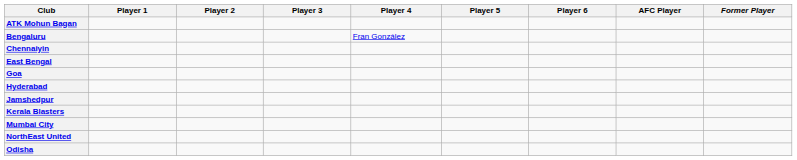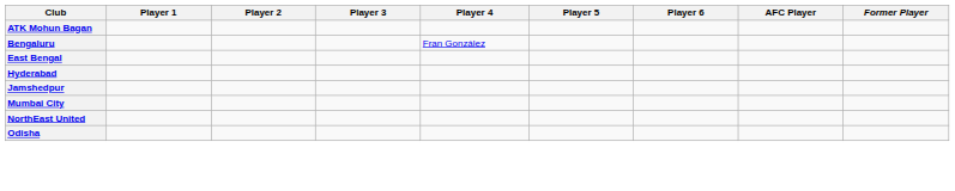 <table class="sortable wikitable" style="text-align: left; font-size:79%">
 <tr>
 <th scope=col style="width:150px;">Club</th>
 <th scope=col style="width:173px;">Player 1</th>
 <th scope=col style="width:173px;">Player 2</th>
 <th scope=col style="width:173px;">Player 3</th>
 <th scope=col style="width:173px;">Player 4</th>
 <th scope=col style="width:173px;">Player 5</th>
 <th scope=col style="width:173px;">Player 6</th>
 <th scope=col style="width:173px;">AFC Player</th>
 <th scope=col style="width:173px;"><em>Former Player</em></th>
 </tr>
 <tr>
 <th scope=row style="text-align: left;"><a href='#'>ATK Mohun Bagan</a></th>
 <td><strong> </strong></td>
 <td> </td>
 <td> </td>
 <td> </td>
 <td> </td>
 <td> </td>
 <td> </td>
 <td> <em></em></td>
 </tr>
 <tr>
 <th scope=row style="text-align: left;"><a href='#'>Bengaluru</a></th>
 <td> </td>
 <td> </td>
 <td> </td>
 <td> <a href='#'>Fran González</a></td>
 <td> </td>
 <td> <strong></strong></td>
 <td> </td>
 <td> <em></em></td>
 </tr>
 <tr>
-<th scope=row style="text-align: left;"><a href='#'>Chennaiyin</a></th>
-<td> </td>
-<td> </td>
-<td> </td>
-<td> </td>
-<td> </td>
-<td> <strong></strong></td>
-<td> </td>
-<td> <em></em></td>
-</tr>
-<tr>
 <th scope=row style="text-align: left;"><a href='#'>East Bengal</a></th>
 <td> </td>
 <td> </td>
 <td> <strong></strong></td>
 <td> </td>
 <td> </td>
 <td> </td>
-<td> </td>
-<td></td>
-</tr>
-<tr>
-<th scope=row style="text-align: left;"><a href='#'>Goa</a></th>
-<td> </td>
-<td> </td>
-<td> </td>
-<td> </td>
-<td> </td>
-<td></td>
 <td> </td>
 <td></td>
 </tr>
 <tr>
 <th scope=row style="text-align: left;"><a href='#'>Hyderabad</a></th>
 <td> </td>
 <td> </td>
 <td> </td>
 <td> </td>
 <td> </td>
 <td> <strong></strong></td>
 <td> </td>
 <td></td>
 </tr>
 <tr>
 <th scope=row style="text-align: left;"><a href='#'>Jamshedpur</a></th>
 <td> </td>
 <td> </td>
 <td> </td>
 <td> </td>
 <td> </td>
 <td> </td>
 <td> </td>
 <td></td>
-</tr>
-<tr>
-<th scope=row style="text-align: left;"><a href='#'>Kerala Blasters</a></th>
-<td> </td>
-<td> </td>
-<td> </td>
-<td> <strong></strong></td>
-<td> </td>
-<td> </td>
-<td> </td>
-<td> <em></em></td>
 </tr>
 <tr>
 <th scope=row style="text-align: left;"><a href='#'>Mumbai City</a></th>
 <td> </td>
 <td> </td>
 <td> </td>
 <td> </td>
 <td> </td>
 <td> </td>
 <td> </td>
 <td></td>
 </tr>
 <tr>
 <th scope=row style="text-align: left;"><a href='#'>NorthEast United</a></th>
 <td> </td>
 <td> </td>
 <td> <strong></strong></td>
 <td> </td>
 <td> </td>
 <td> </td>
 <td> </td>
 <td> <em></em></td>
 </tr>
 <tr>
 <th scope=row style="text-align: left;"><a href='#'>Odisha</a></th>
 <td><strong> </strong></td>
 <td> </td>
 <td> </td>
 <td> </td>
 <td> </td>
 <td> </td>
 <td> </td>
 <td> <em></em></td>
 </tr>
 </table>
